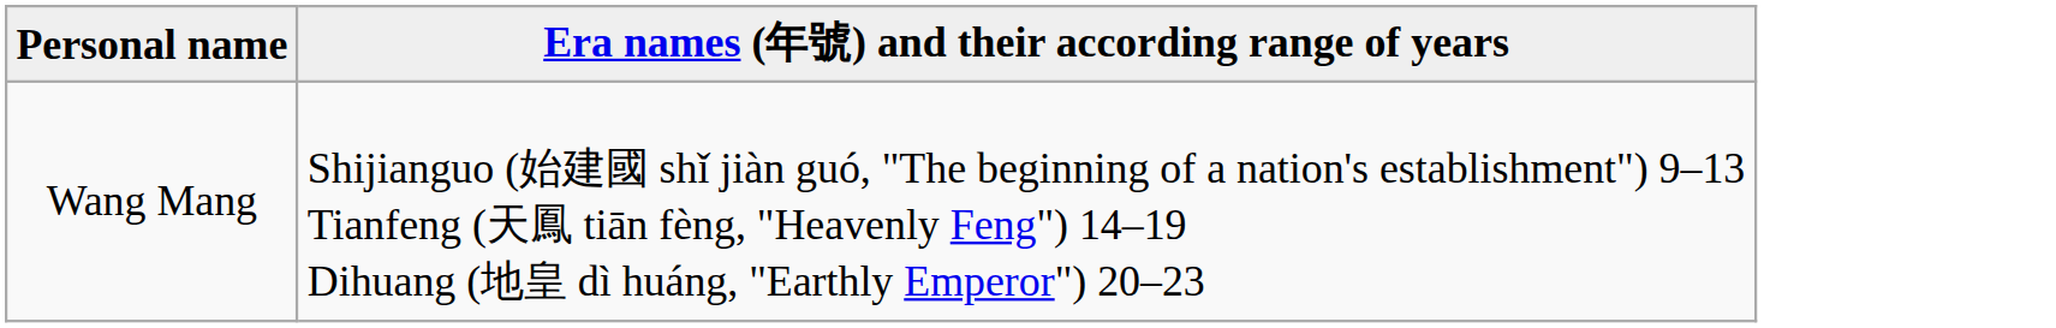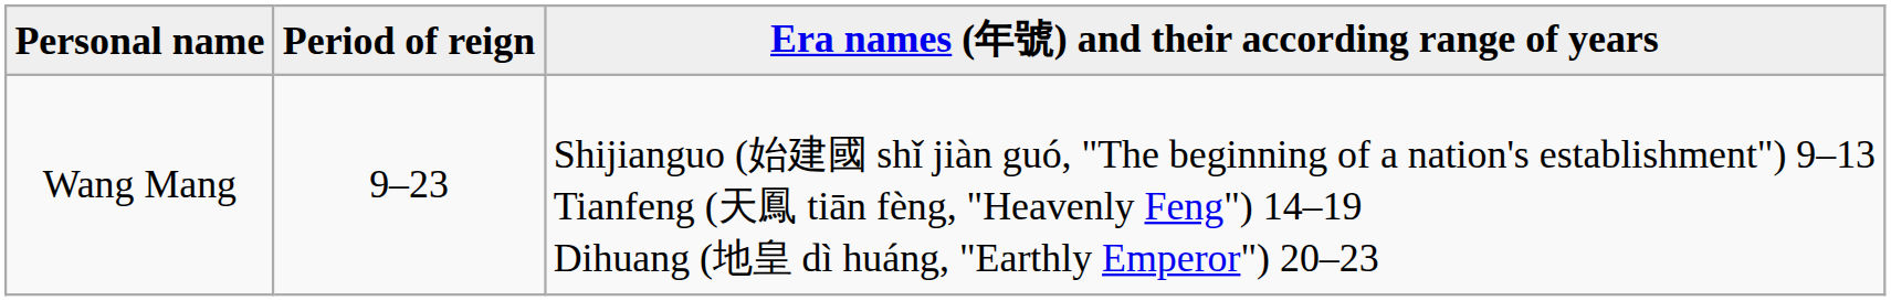 <table class="wikitable">
 <tr ---->
 <th style="background:#efefef;">Personal name</th>
+<th style="background:#efefef;">Period of reign</th>
 <th style="background:#efefef;"><a href='#'>Era names</a> (年號) and their according range of years</th>
 </tr>
 <tr ---->
 <td align="center">Wang Mang</td>
+<td align="center">9–23</td>
 <td><br>Shijianguo (始建國 shǐ jiàn guó, "The beginning of a nation's establishment") 9–13<br> Tianfeng (天鳳 tiān fèng, "Heavenly <a href='#'>Feng</a>") 14–19<br> Dihuang (地皇 dì huáng, "Earthly <a href='#'>Emperor</a>") 20–23</td>
 </tr>
 </table>
